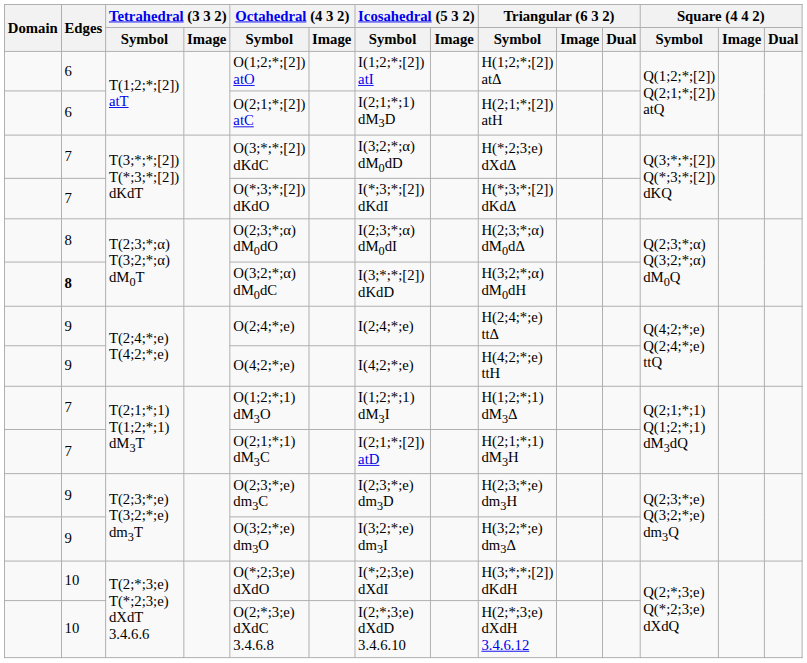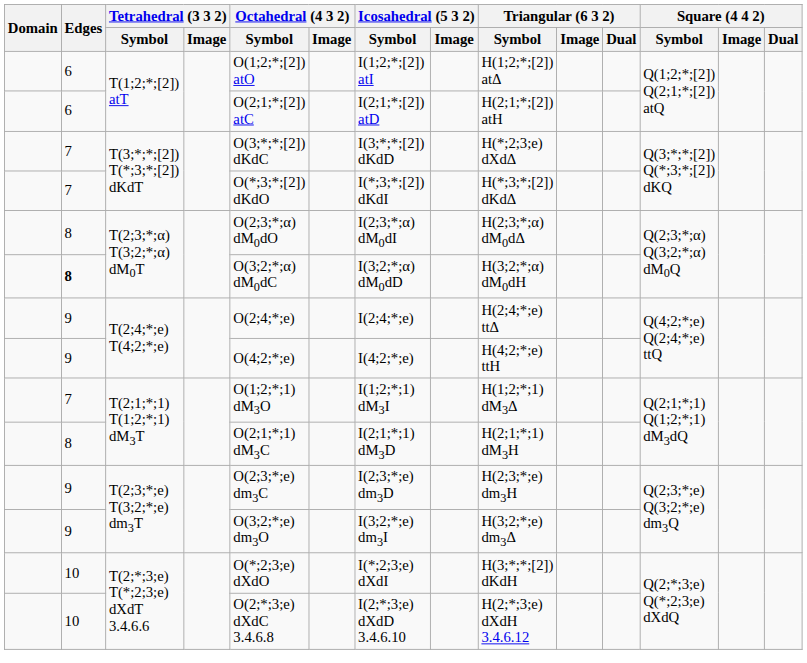 <table class="wikitable sortable">
 <tr>
 <th rowspan=2>Domain</th>
 <th rowspan=2>Edges</th>
 <th colspan=2><a href='#'>Tetrahedral</a> (3 3 2)</th>
 <th colspan=2><a href='#'>Octahedral</a> (4 3 2)</th>
 <th colspan=2><a href='#'>Icosahedral</a> (5 3 2)</th>
 <th colspan="3">Triangular (6 3 2)</th>
 <th colspan="3">Square (4 4 2)</th>
 </tr>
 <tr>
 <th>Symbol</th>
 <th>Image</th>
 <th>Symbol</th>
 <th>Image</th>
 <th>Symbol</th>
 <th>Image</th>
 <th>Symbol</th>
 <th>Image</th>
 <th>Dual</th>
 <th>Symbol</th>
 <th>Image</th>
 <th>Dual</th>
 </tr>
 <tr>
 <td></td>
 <td>6</td>
 <td rowspan=2>T(1;2;*;[2])<br><a href='#'>atT</a></td>
 <td rowspan=2></td>
 <td>O(1;2;*;[2])<br><a href='#'>atO</a></td>
 <td></td>
 <td>I(1;2;*;[2])<br><a href='#'>atI</a></td>
 <td></td>
 <td>H(1;2;*;[2])<br>atΔ</td>
 <td></td>
 <td></td>
 <td rowspan=2>Q(1;2;*;[2])<br>Q(2;1;*;[2])<br>atQ</td>
 <td rowspan=2></td>
 <td rowspan="2"></td>
 </tr>
 <tr>
 <td></td>
 <td>6</td>
 <td>O(2;1;*;[2])<br><a href='#'>atC</a></td>
 <td></td>
-<td>I(2;1;*;1)<br>dM<sub>3</sub>D</td>
+<td>I(2;1;*;[2])<br><a href='#'>atD</a></td>
 <td></td>
 <td>H(2;1;*;[2])<br>atH</td>
 <td></td>
 <td></td>
 </tr>
 <tr>
 <td></td>
 <td>7</td>
 <td rowspan=2>T(3;*;*;[2])<br>T(*;3;*;[2])<br>dKdT</td>
 <td rowspan=2></td>
 <td>O(3;*;*;[2])<br>dKdC</td>
 <td></td>
-<td>I(3;2;*;α)<br>dM<sub>0</sub>dD</td>
+<td>I(3;*;*;[2])<br>dKdD</td>
 <td></td>
 <td>H(*;2;3;e)<br>dXdΔ</td>
 <td></td>
 <td></td>
 <td rowspan=2>Q(3;*;*;[2])<br>Q(*;3;*;[2])<br>dKQ</td>
 <td rowspan=2></td>
 <td rowspan="2"></td>
 </tr>
 <tr>
 <td></td>
 <td>7</td>
 <td>O(*;3;*;[2])<br>dKdO</td>
 <td></td>
 <td>I(*;3;*;[2])<br>dKdI</td>
 <td></td>
 <td>H(*;3;*;[2])<br>dKdΔ</td>
 <td></td>
 <td></td>
 </tr>
 <tr>
 <td></td>
 <td>8</td>
 <td rowspan=2>T(2;3;*;α)<br>T(3;2;*;α)<br>dM<sub>0</sub>T</td>
 <td rowspan=2></td>
 <td>O(2;3;*;α)<br>dM<sub>0</sub>dO</td>
 <td></td>
 <td>I(2;3;*;α)<br>dM<sub>0</sub>dI</td>
 <td></td>
 <td>H(2;3;*;α)<br>dM<sub>0</sub>dΔ</td>
 <td></td>
 <td></td>
 <td rowspan=2>Q(2;3;*;α)<br>Q(3;2;*;α)<br>dM<sub>0</sub>Q</td>
 <td rowspan=2></td>
 <td rowspan="2"></td>
 </tr>
 <tr>
 <td></td>
 <td><strong>8</strong></td>
 <td>O(3;2;*;α)<br>dM<sub>0</sub>dC</td>
 <td></td>
-<td>I(3;*;*;[2])<br>dKdD</td>
+<td>I(3;2;*;α)<br>dM<sub>0</sub>dD</td>
 <td></td>
 <td>H(3;2;*;α)<br>dM<sub>0</sub>dH</td>
 <td></td>
 <td></td>
 </tr>
 <tr>
 <td></td>
 <td>9</td>
 <td rowspan=2>T(2;4;*;e)<br>T(4;2;*;e)<br></td>
 <td rowspan=2></td>
 <td>O(2;4;*;e)<br></td>
 <td></td>
 <td>I(2;4;*;e)<br></td>
 <td></td>
 <td>H(2;4;*;e)<br>ttΔ</td>
 <td></td>
 <td></td>
 <td rowspan=2>Q(4;2;*;e)<br>Q(2;4;*;e)<br>ttQ</td>
 <td rowspan=2></td>
 <td rowspan="2"></td>
 </tr>
 <tr>
 <td></td>
 <td>9</td>
 <td>O(4;2;*;e)<br></td>
 <td></td>
 <td>I(4;2;*;e)<br></td>
 <td></td>
 <td>H(4;2;*;e)<br>ttH</td>
 <td></td>
 <td></td>
 </tr>
 <tr>
 <td></td>
 <td>7</td>
 <td rowspan=2>T(2;1;*;1)<br>T(1;2;*;1)<br>dM<sub>3</sub>T</td>
 <td rowspan=2></td>
 <td>O(1;2;*;1)<br>dM<sub>3</sub>O</td>
 <td></td>
 <td>I(1;2;*;1)<br>dM<sub>3</sub>I</td>
 <td></td>
 <td>H(1;2;*;1)<br>dM<sub>3</sub>Δ</td>
 <td></td>
 <td></td>
 <td rowspan=2>Q(2;1;*;1)<br>Q(1;2;*;1)<br>dM<sub>3</sub>dQ</td>
 <td rowspan=2></td>
 <td rowspan="2"></td>
 </tr>
 <tr>
 <td></td>
-<td>7</td>
+<td>8</td>
 <td>O(2;1;*;1)<br>dM<sub>3</sub>C</td>
 <td></td>
-<td>I(2;1;*;[2])<br><a href='#'>atD</a></td>
+<td>I(2;1;*;1)<br>dM<sub>3</sub>D</td>
 <td></td>
 <td>H(2;1;*;1)<br>dM<sub>3</sub>H</td>
 <td></td>
 <td></td>
 </tr>
 <tr>
 <td></td>
 <td>9</td>
 <td rowspan=2>T(2;3;*;e)<br>T(3;2;*;e)<br>dm<sub>3</sub>T</td>
 <td rowspan=2></td>
 <td>O(2;3;*;e)<br>dm<sub>3</sub>C</td>
 <td></td>
 <td>I(2;3;*;e)<br>dm<sub>3</sub>D</td>
 <td></td>
 <td>H(2;3;*;e)<br>dm<sub>3</sub>H</td>
 <td></td>
 <td></td>
 <td rowspan=2>Q(2;3;*;e)<br>Q(3;2;*;e)<br>dm<sub>3</sub>Q</td>
 <td rowspan=2></td>
 <td rowspan="2"></td>
 </tr>
 <tr>
 <td></td>
 <td>9</td>
 <td>O(3;2;*;e)<br>dm<sub>3</sub>O</td>
 <td></td>
 <td>I(3;2;*;e)<br>dm<sub>3</sub>I</td>
 <td></td>
 <td>H(3;2;*;e)<br>dm<sub>3</sub>Δ</td>
 <td></td>
 <td></td>
 </tr>
 <tr>
 <td></td>
 <td>10</td>
 <td rowspan=2>T(2;*;3;e)<br>T(*;2;3;e)<br>dXdT<br>3.4.6.6</td>
 <td rowspan="2"></td>
 <td>O(*;2;3;e)<br>dXdO</td>
 <td></td>
 <td>I(*;2;3;e)<br>dXdI</td>
 <td></td>
 <td>H(3;*;*;[2])<br>dKdH</td>
 <td></td>
 <td></td>
 <td rowspan=2>Q(2;*;3;e)<br>Q(*;2;3;e)<br>dXdQ</td>
 <td rowspan=2></td>
 <td rowspan="2"></td>
 </tr>
 <tr>
 <td></td>
 <td>10</td>
 <td>O(2;*;3;e)<br>dXdC<br>3.4.6.8</td>
 <td></td>
 <td>I(2;*;3;e)<br>dXdD<br>3.4.6.10</td>
 <td></td>
 <td>H(2;*;3;e)<br>dXdH<br><a href='#'>3.4.6.12</a></td>
 <td></td>
 <td></td>
 </tr>
 </table>
